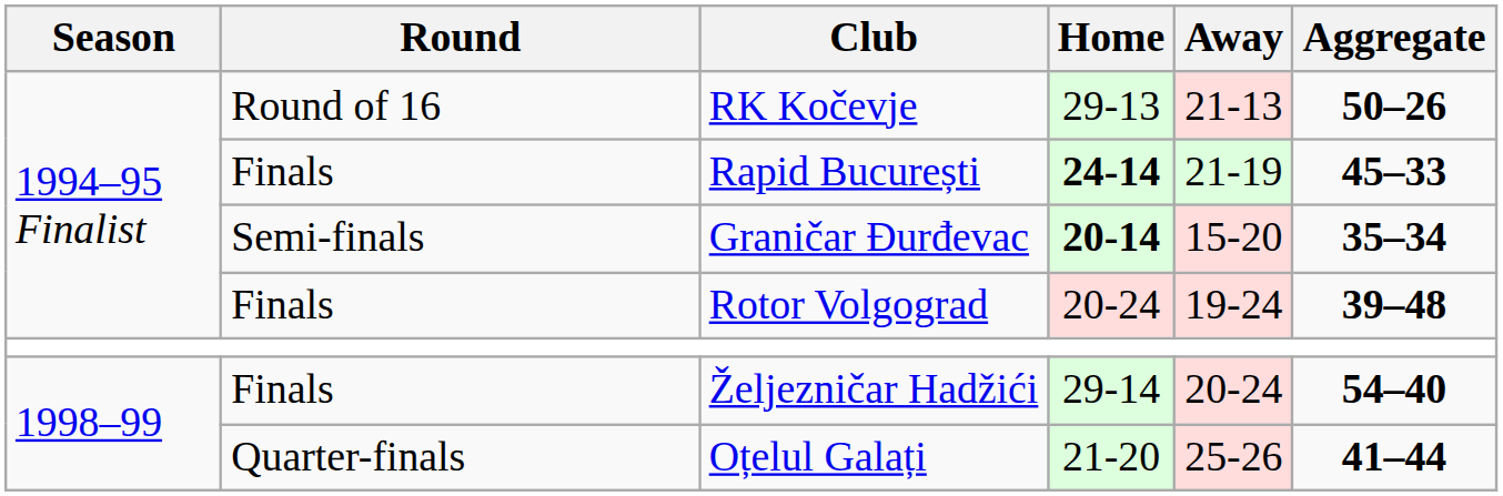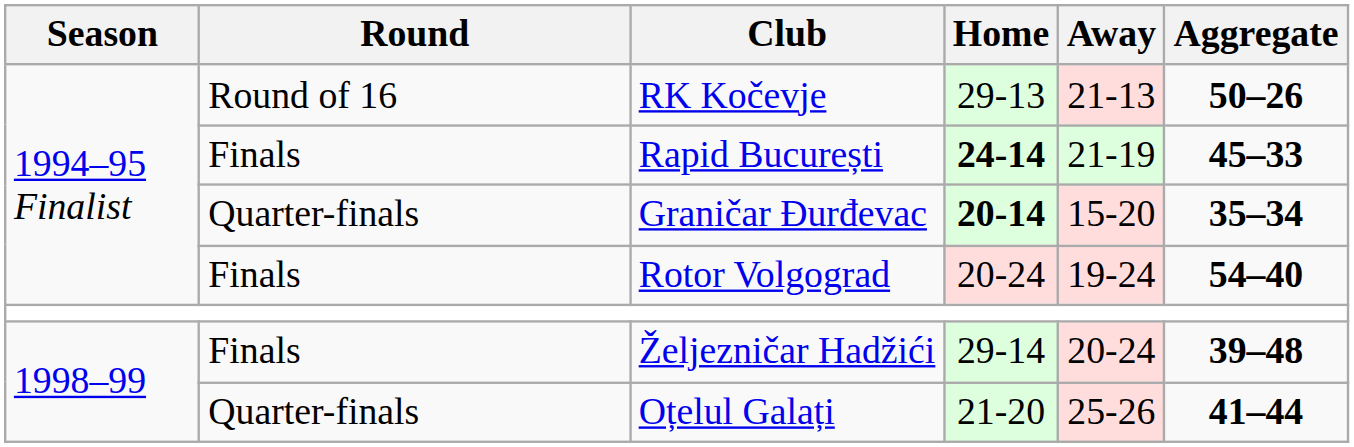 <table class="wikitable">
 <tr>
 <th width=75>Season</th>
 <th width=175>Round</th>
 <th>Club</th>
 <th>Home</th>
 <th>Away</th>
 <th>Aggregate</th>
 </tr>
 <tr>
 <td rowspan=4><a href='#'>1994–95</a><br> <em>Finalist</em></td>
 <td>Round of 16</td>
 <td> <a href='#'>RK Kočevje</a></td>
 <td style="text-align:center; background:#dfd;">29-13</td>
 <td style="text-align:center; background:#fdd;">21-13</td>
 <td style="text-align:center;"><strong>50–26</strong></td>
 </tr>
 <tr>
 <td>Finals</td>
 <td> <a href='#'>Rapid București</a></td>
 <td style="text-align:center; background:#dfd;"><strong>24-14</strong></td>
 <td style="text-align:center; background:#dfd;">21-19</td>
 <td style="text-align:center;"><strong>45–33</strong></td>
 </tr>
 <tr>
-<td>Semi-finals</td>
+<td>Quarter-finals</td>
 <td> <a href='#'>Graničar Đurđevac</a></td>
 <td style="text-align:center; background:#dfd;"><strong>20-14</strong></td>
 <td style="text-align:center; background:#fdd;">15-20</td>
 <td style="text-align:center;"><strong>35–34</strong></td>
 </tr>
 <tr>
 <td>Finals</td>
 <td> <a href='#'>Rotor Volgograd</a></td>
 <td style="text-align:center; background:#fdd;">20-24</td>
 <td style="text-align:center; background:#fdd;">19-24</td>
-<td style="text-align:center;"><strong>39–48</strong></td>
+<td style="text-align:center;"><strong>54–40</strong></td>
 </tr>
 <tr>
 <td colspan=7 style="text-align: center;" bgcolor=white></td>
 </tr>
 <tr>
 <td rowspan=2><a href='#'>1998–99</a></td>
 <td>Finals</td>
 <td> <a href='#'>Željezničar Hadžići</a></td>
 <td style="text-align:center; background:#dfd;">29-14</td>
 <td style="text-align:center; background:#fdd;">20-24</td>
-<td style="text-align:center;"><strong>54–40</strong></td>
+<td style="text-align:center;"><strong>39–48</strong></td>
 </tr>
 <tr>
 <td>Quarter-finals</td>
 <td> <a href='#'>Oțelul Galați</a></td>
 <td style="text-align:center; background:#dfd;">21-20</td>
 <td style="text-align:center; background:#fdd;">25-26</td>
 <td style="text-align:center;"><strong>41–44</strong></td>
 </tr>
 </table>
